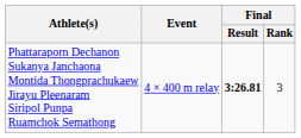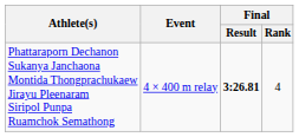 <table class="wikitable" style="font-size:90%">
 <tr>
 <th rowspan="2">Athlete(s)</th>
 <th rowspan="2">Event</th>
 <th colspan="2">Final</th>
 </tr>
 <tr style="font-size:95%">
 <th>Result</th>
 <th>Rank</th>
 </tr>
 <tr align=center>
 <td align=left><a href='#'>Phattaraporn Dechanon</a><br><a href='#'>Sukanya Janchaona</a><br><a href='#'>Montida Thongprachukaew</a><br><a href='#'>Jirayu Pleenaram</a><br><a href='#'>Siripol Punpa</a><br><a href='#'>Ruamchok Semathong</a></td>
 <td style="text-align:left;"><a href='#'>4 × 400 m relay</a></td>
 <td><strong>3:26.81</strong></td>
-<td>3</td>
+<td>4</td>
 </tr>
 </table>
